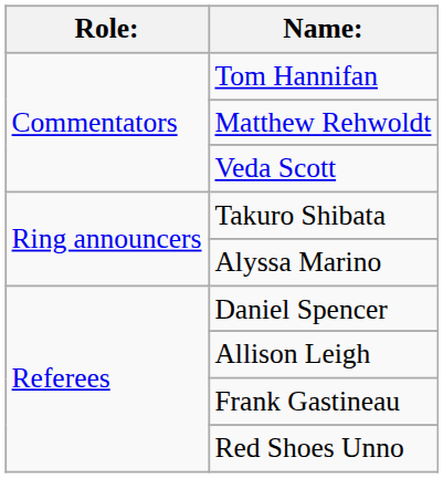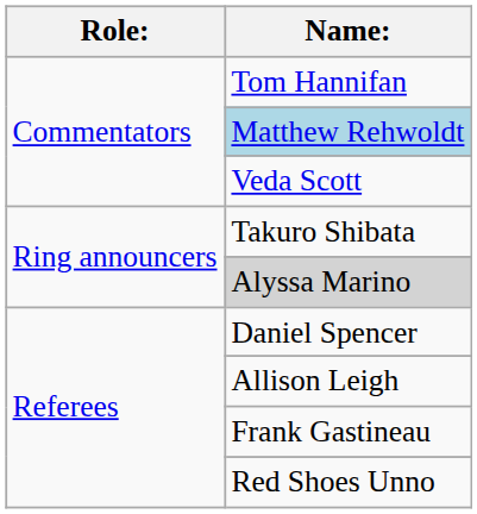 <table class=wikitable style="font-size:90%; margin: 0.5em 0 0.5em 1em; float: right; clear: right;">
 <tr>
 <th>Role:</th>
 <th>Name:</th>
 </tr>
 <tr>
 <td rowspan=3><a href='#'>Commentators</a></td>
 <td><a href='#'>Tom Hannifan</a></td>
 </tr>
 <tr>
-<td><a href='#'>Matthew Rehwoldt</a></td>
+<td style="background: lightblue;"><a href='#'>Matthew Rehwoldt</a></td>
 </tr>
 <tr>
 <td><a href='#'>Veda Scott</a></td>
 </tr>
 <tr>
 <td rowspan=2><a href='#'>Ring announcers</a></td>
 <td>Takuro Shibata</td>
 </tr>
 <tr>
-<td>Alyssa Marino</td>
+<td style="background: lightgrey;">Alyssa Marino</td>
 </tr>
 <tr>
 <td rowspan=4><a href='#'>Referees</a></td>
 <td>Daniel Spencer</td>
 </tr>
 <tr>
 <td>Allison Leigh</td>
 </tr>
 <tr>
 <td>Frank Gastineau</td>
 </tr>
 <tr>
 <td>Red Shoes Unno</td>
 </tr>
 </table>
